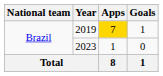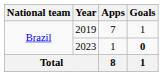 <table class="wikitable" style="text-align:center">
 <tr>
 <th>National team</th>
 <th>Year</th>
 <th>Apps</th>
 <th>Goals</th>
 </tr>
 <tr>
 <td rowspan="2"><a href='#'>Brazil</a></td>
 <td>2019</td>
-<td style="background: gold;">7</td>
+<td>7</td>
 <td>1</td>
 </tr>
 <tr>
 <td>2023</td>
 <td>1</td>
-<td>0</td>
+<td><strong>0</strong></td>
 </tr>
 <tr>
 <th colspan="2">Total</th>
 <th>8</th>
 <th>1</th>
 </tr>
 </table>
